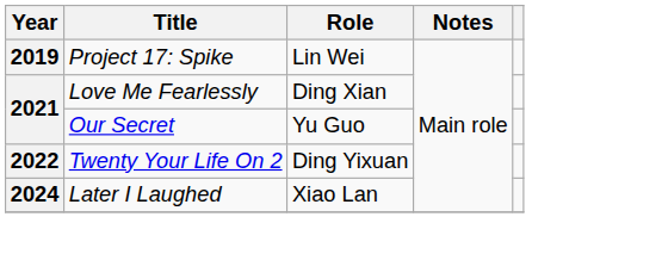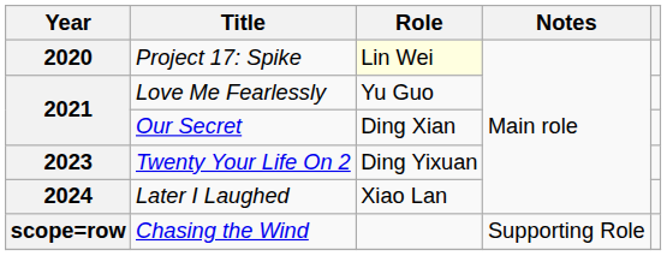 <table class="wikitable sortable plainrowheaders">
 <tr>
 <th scope="col" rowspan="1">Year</th>
 <th scope="col" colspan="1">Title</th>
 <th scope="col" rowspan="1">Role</th>
 <th scope="col" rowspan="1">Notes</th>
 <th scope="col" rowspan="1" class="unsortable"></th>
 </tr>
 <tr>
-<th scope=row>2019</th>
+<th scope=row>2020</th>
 <td><em>Project 17: Spike</em></td>
-<td>Lin Wei</td>
+<td style="background: lightyellow;">Lin Wei</td>
 <td rowspan="5">Main role</td>
 <td style="text-align:center"></td>
 </tr>
 <tr>
 <th scope=row rowspan=2>2021</th>
 <td><em>Love Me Fearlessly</em></td>
+<td>Yu Guo</td>
+<td style="text-align:center"></td>
+</tr>
+<tr>
+<td><em><a href='#'>Our Secret</a></em></td>
 <td>Ding Xian</td>
 <td style="text-align:center"></td>
 </tr>
 <tr>
-<td><em><a href='#'>Our Secret</a></em></td>
-<td>Yu Guo</td>
-<td style="text-align:center"></td>
-</tr>
-<tr>
-<th scope=row>2022</th>
+<th scope=row>2023</th>
 <td><em><a href='#'>Twenty Your Life On 2</a></em></td>
 <td>Ding Yixuan</td>
 <td style="text-align:center"></td>
 </tr>
 <tr>
 <th scope="row">2024</th>
 <td><em>Later I Laughed</em></td>
 <td>Xiao Lan</td>
 <td style="text-align:center"></td>
 </tr>
 <tr>
+<th>scope=row </th>
+<td><em><a href='#'>Chasing the Wind</a></em></td>
+<td></td>
+<td>Supporting Role</td>
+<td style="text-align:center"></td>
+</tr>
+<tr>
 </tr>
 </table>
